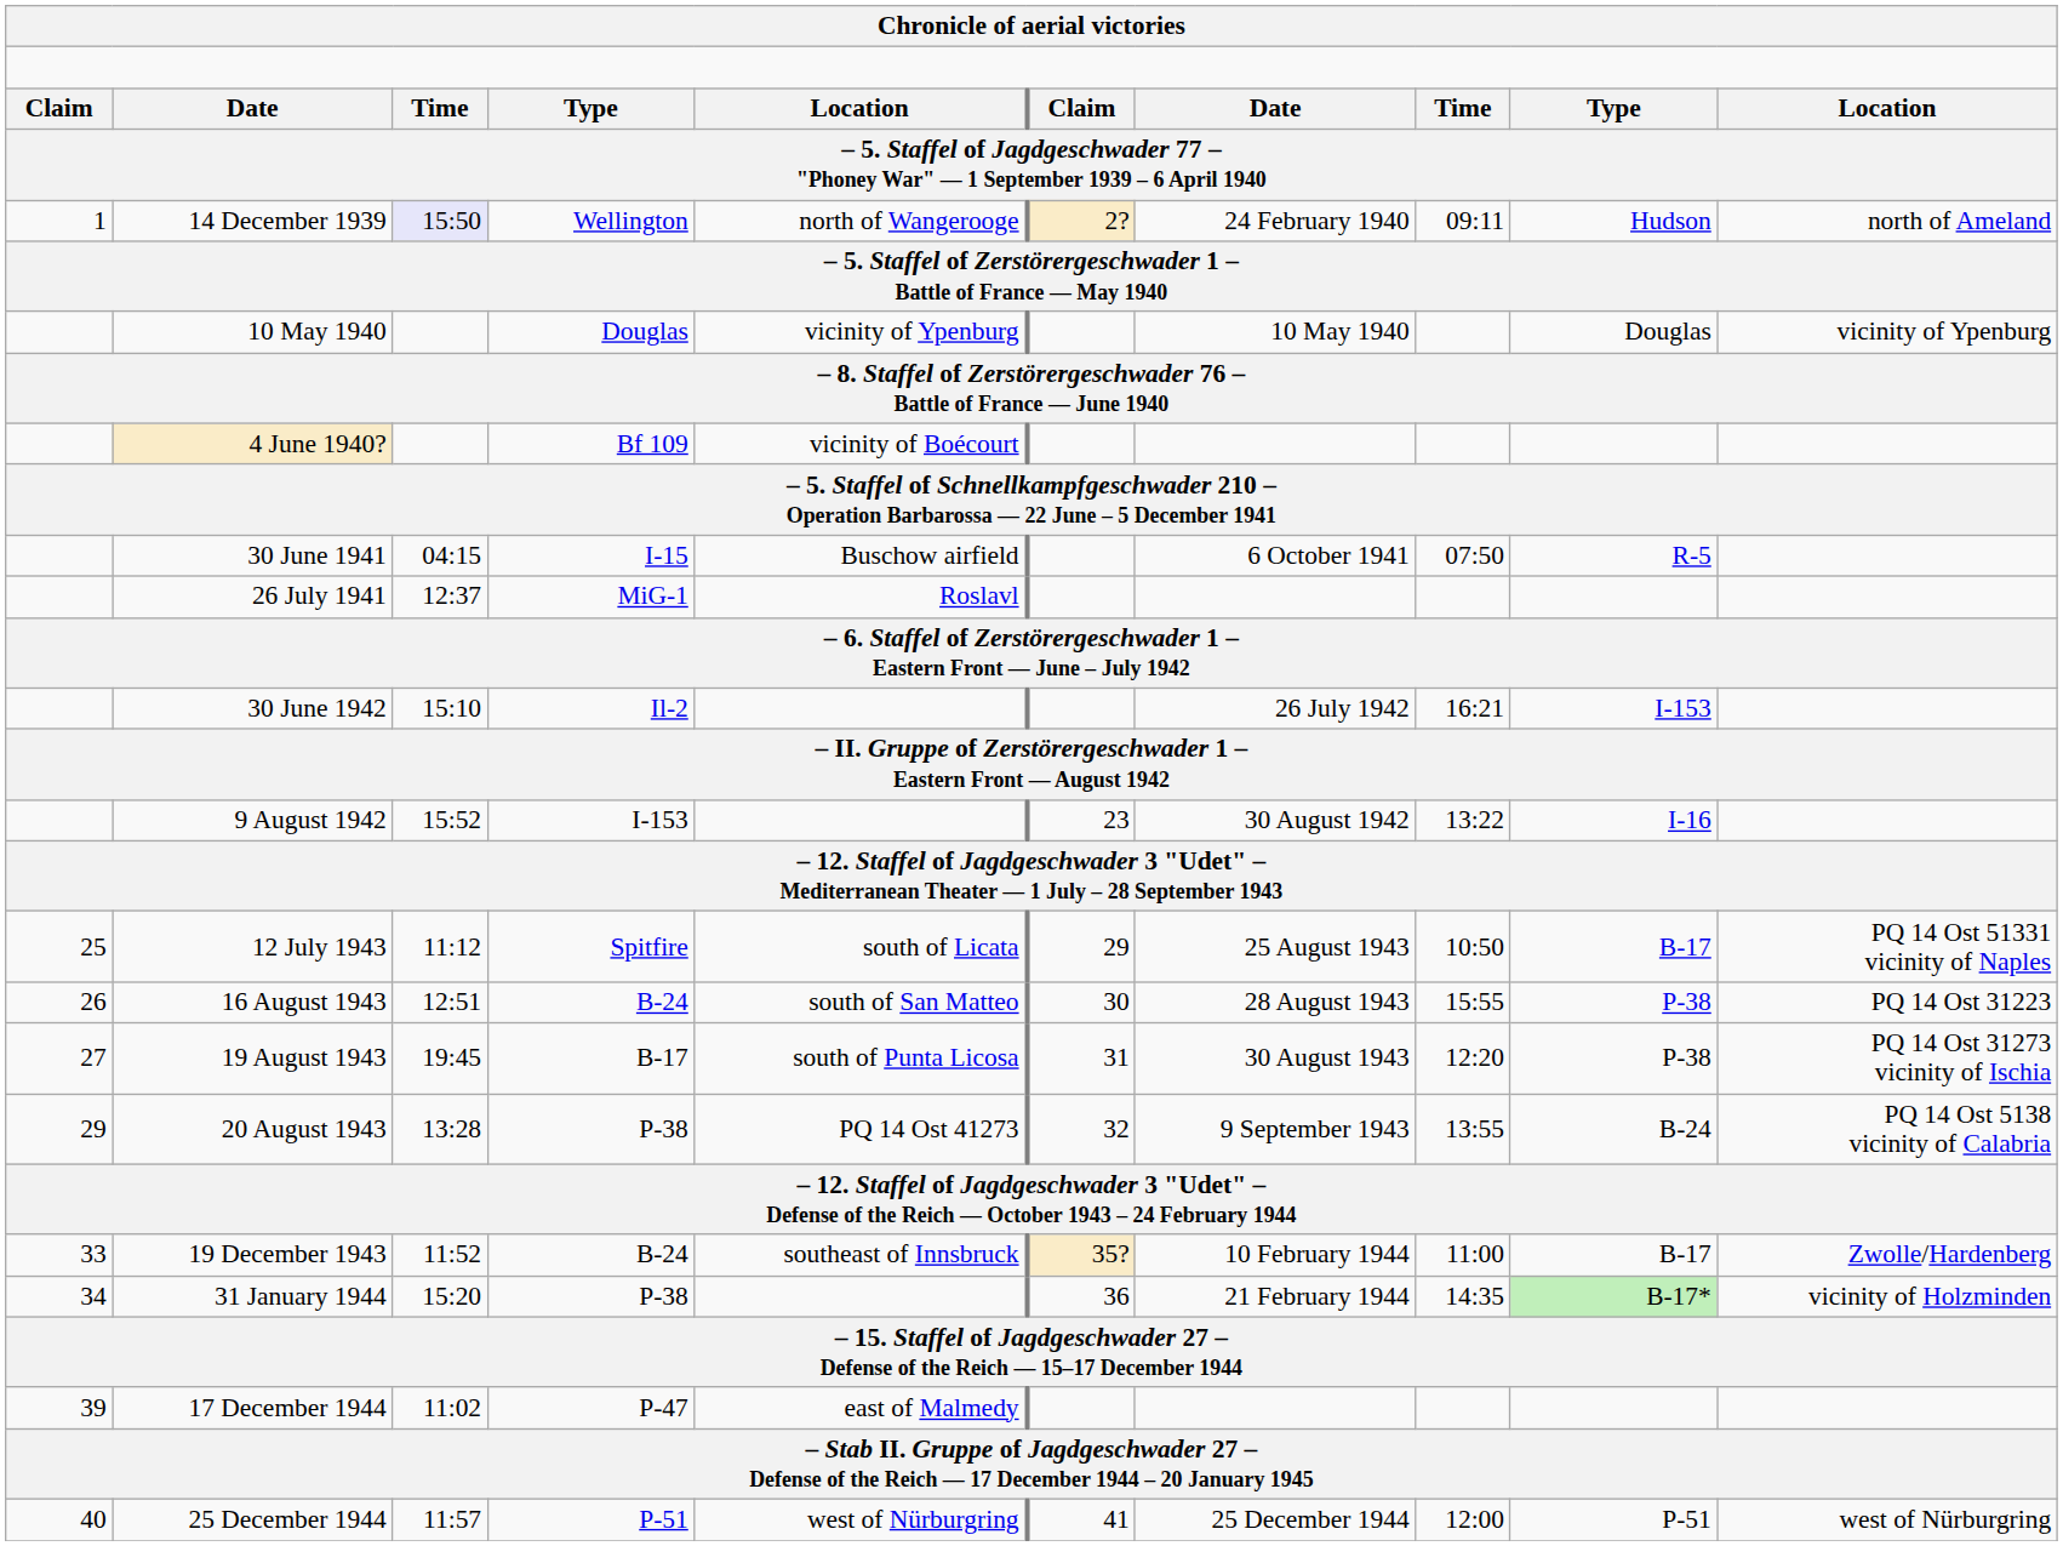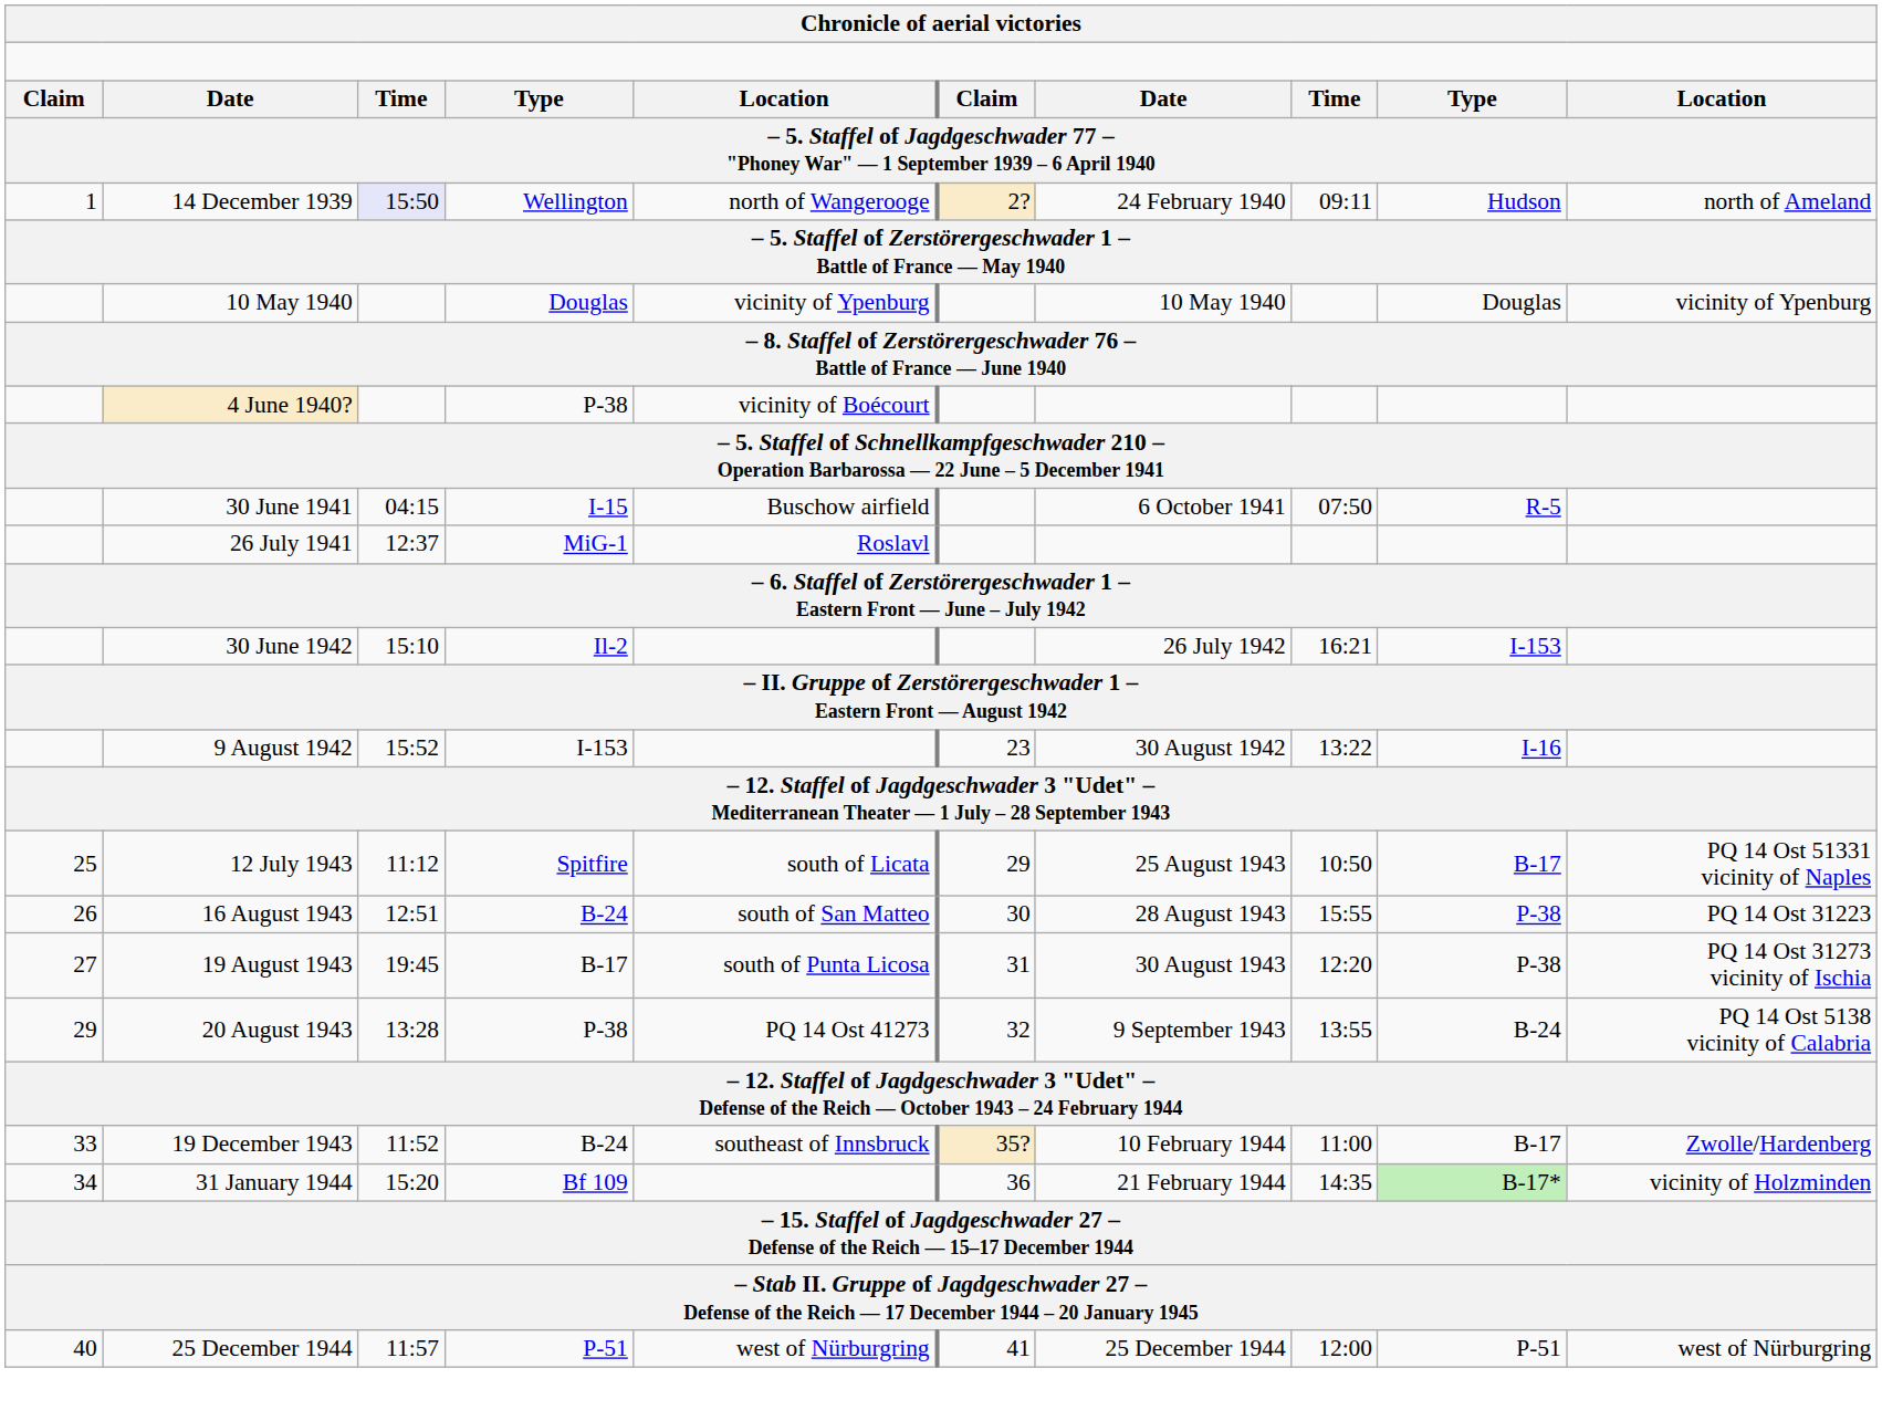 <table class="wikitable plainrowheaders collapsible" style="margin-left: auto; margin-right: auto; border: none; text-align:right; width: 100%;">
 <tr>
 <th colspan="10">Chronicle of aerial victories</th>
 </tr>
 <tr>
 <td colspan="10" style="text-align: left;"><br> </td>
 </tr>
 <tr>
 <th scope="col">Claim</th>
 <th scope="col">Date</th>
 <th scope="col">Time</th>
 <th scope="col" width="120px">Type</th>
 <th scope="col">Location</th>
 <th scope="col" style="border-left: 3px solid grey;">Claim</th>
 <th scope="col">Date</th>
 <th scope="col">Time</th>
 <th scope="col" width="120px">Type</th>
 <th scope="col">Location</th>
 </tr>
 <tr>
 <th colspan="10">– 5. <em>Staffel</em> of <em>Jagdgeschwader</em> 77 –<br><small>"Phoney War" — 1 September 1939 – 6 April 1940</small></th>
 </tr>
 <tr>
 <td>1</td>
 <td>14 December 1939</td>
 <td style="background: lavender;">15:50</td>
 <td><a href='#'>Wellington</a></td>
 <td>north of <a href='#'>Wangerooge</a></td>
 <td style="border-left: 3px solid grey; background:#faecc8">2?</td>
 <td>24 February 1940</td>
 <td>09:11</td>
 <td><a href='#'>Hudson</a></td>
 <td> north of <a href='#'>Ameland</a></td>
 </tr>
 <tr>
 <th colspan="10">– 5. <em>Staffel</em> of <em>Zerstörergeschwader</em> 1 –<br><small>Battle of France — May 1940</small></th>
 </tr>
 <tr>
 <td></td>
 <td>10 May 1940</td>
 <td></td>
 <td><a href='#'>Douglas</a></td>
 <td>vicinity of <a href='#'>Ypenburg</a></td>
 <td style="border-left: 3px solid grey;"></td>
 <td>10 May 1940</td>
 <td></td>
 <td>Douglas</td>
 <td>vicinity of Ypenburg</td>
 </tr>
 <tr>
 <th colspan="10">– 8. <em>Staffel</em> of <em>Zerstörergeschwader</em> 76 –<br><small>Battle of France — June 1940</small></th>
 </tr>
 <tr>
 <td></td>
 <td style="background:#faecc8">4 June 1940?</td>
 <td></td>
-<td><a href='#'>Bf 109</a></td>
+<td>P-38</td>
 <td>vicinity of <a href='#'>Boécourt</a></td>
 <td style="border-left: 3px solid grey;"></td>
 <td></td>
 <td></td>
 <td></td>
 <td></td>
 </tr>
 <tr>
 <th colspan="10">– 5. <em>Staffel</em> of <em>Schnellkampfgeschwader</em> 210 –<br><small>Operation Barbarossa — 22 June – 5 December 1941</small></th>
 </tr>
 <tr>
 <td></td>
 <td>30 June 1941</td>
 <td>04:15</td>
 <td><a href='#'>I-15</a></td>
 <td>Buschow airfield</td>
 <td style="border-left: 3px solid grey;"></td>
 <td>6 October 1941</td>
 <td>07:50</td>
 <td><a href='#'>R-5</a></td>
 <td></td>
 </tr>
 <tr>
 <td></td>
 <td>26 July 1941</td>
 <td>12:37</td>
 <td><a href='#'>MiG-1</a></td>
 <td><a href='#'>Roslavl</a></td>
 <td style="border-left: 3px solid grey;"></td>
 <td></td>
 <td></td>
 <td></td>
 <td></td>
 </tr>
 <tr>
 <th colspan="10">– 6. <em>Staffel</em> of <em>Zerstörergeschwader</em> 1 –<br><small>Eastern Front — June – July 1942</small></th>
 </tr>
 <tr>
 <td></td>
 <td>30 June 1942</td>
 <td>15:10</td>
 <td><a href='#'>Il-2</a></td>
 <td></td>
 <td style="border-left: 3px solid grey;"></td>
 <td>26 July 1942</td>
 <td>16:21</td>
 <td><a href='#'>I-153</a></td>
 <td></td>
 </tr>
 <tr>
 <th colspan="10">– II. <em>Gruppe</em> of <em>Zerstörergeschwader</em> 1 –<br><small>Eastern Front — August 1942</small></th>
 </tr>
 <tr>
 <td></td>
 <td>9 August 1942</td>
 <td>15:52</td>
 <td>I-153</td>
 <td></td>
 <td style="border-left: 3px solid grey;">23</td>
 <td>30 August 1942</td>
 <td>13:22</td>
 <td><a href='#'>I-16</a></td>
 <td></td>
 </tr>
 <tr>
 <th colspan="10">– 12. <em>Staffel</em> of <em>Jagdgeschwader</em> 3 "Udet" –<br><small>Mediterranean Theater — 1 July – 28 September 1943</small></th>
 </tr>
 <tr>
 <td>25</td>
 <td>12 July 1943</td>
 <td>11:12</td>
 <td><a href='#'>Spitfire</a></td>
 <td> south of <a href='#'>Licata</a></td>
 <td style="border-left: 3px solid grey;">29</td>
 <td>25 August 1943</td>
 <td>10:50</td>
 <td><a href='#'>B-17</a></td>
 <td>PQ 14 Ost 51331<br>vicinity of <a href='#'>Naples</a></td>
 </tr>
 <tr>
 <td>26</td>
 <td>16 August 1943</td>
 <td>12:51</td>
 <td><a href='#'>B-24</a></td>
 <td> south of <a href='#'>San Matteo</a></td>
 <td style="border-left: 3px solid grey;">30</td>
 <td>28 August 1943</td>
 <td>15:55</td>
 <td><a href='#'>P-38</a></td>
 <td>PQ 14 Ost 31223</td>
 </tr>
 <tr>
 <td>27</td>
 <td>19 August 1943</td>
 <td>19:45</td>
 <td>B-17</td>
 <td>south of <a href='#'>Punta Licosa</a></td>
 <td style="border-left: 3px solid grey;">31</td>
 <td>30 August 1943</td>
 <td>12:20</td>
 <td>P-38</td>
 <td>PQ 14 Ost 31273<br>vicinity of <a href='#'>Ischia</a></td>
 </tr>
 <tr>
 <td>29</td>
 <td>20 August 1943</td>
 <td>13:28</td>
 <td>P-38</td>
 <td>PQ 14 Ost 41273</td>
 <td style="border-left: 3px solid grey;">32</td>
 <td>9 September 1943</td>
 <td>13:55</td>
 <td>B-24</td>
 <td>PQ 14 Ost 5138<br>vicinity of <a href='#'>Calabria</a></td>
 </tr>
 <tr>
 <th colspan="10">– 12. <em>Staffel</em> of <em>Jagdgeschwader</em> 3 "Udet" –<br><small>Defense of the Reich — October 1943 – 24 February 1944</small></th>
 </tr>
 <tr>
 <td>33</td>
 <td>19 December 1943</td>
 <td>11:52</td>
 <td>B-24</td>
 <td>southeast of <a href='#'>Innsbruck</a></td>
 <td style="border-left: 3px solid grey; background:#faecc8">35?</td>
 <td>10 February 1944</td>
 <td>11:00</td>
 <td>B-17</td>
 <td><a href='#'>Zwolle</a>/<a href='#'>Hardenberg</a></td>
 </tr>
 <tr>
 <td>34</td>
 <td>31 January 1944</td>
 <td>15:20</td>
-<td>P-38</td>
+<td><a href='#'>Bf 109</a></td>
 <td></td>
 <td style="border-left: 3px solid grey;">36</td>
 <td>21 February 1944</td>
 <td>14:35</td>
 <td style="background:#C0EFBA">B-17*</td>
 <td>vicinity of <a href='#'>Holzminden</a></td>
 </tr>
 <tr>
 <th colspan="10">– 15. <em>Staffel</em> of <em>Jagdgeschwader</em> 27 –<br><small>Defense of the Reich — 15–17 December 1944</small></th>
-</tr>
-<tr>
-<td>39</td>
-<td>17 December 1944</td>
-<td>11:02</td>
-<td>P-47</td>
-<td>east of <a href='#'>Malmedy</a></td>
-<td style="border-left: 3px solid grey;"></td>
-<td></td>
-<td></td>
-<td></td>
-<td></td>
 </tr>
 <tr>
 <th colspan="10">– <em>Stab</em> II. <em>Gruppe</em> of <em>Jagdgeschwader</em> 27 –<br><small>Defense of the Reich — 17 December 1944 – 20 January 1945</small></th>
 </tr>
 <tr>
 <td>40</td>
 <td>25 December 1944</td>
 <td>11:57</td>
 <td><a href='#'>P-51</a></td>
 <td>west of <a href='#'>Nürburgring</a></td>
 <td style="border-left: 3px solid grey;">41</td>
 <td>25 December 1944</td>
 <td>12:00</td>
 <td>P-51</td>
 <td>west of Nürburgring</td>
 </tr>
 </table>
